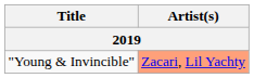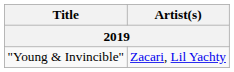 <table class="wikitable">
 <tr>
 <th>Title</th>
 <th>Artist(s)</th>
 </tr>
 <tr>
 <th colspan="2">2019</th>
 </tr>
 <tr>
 <td>"Young & Invincible"</td>
-<td style="background: lightsalmon;"><a href='#'>Zacari</a>, <a href='#'>Lil Yachty</a></td>
+<td><a href='#'>Zacari</a>, <a href='#'>Lil Yachty</a></td>
 </tr>
 </table>
